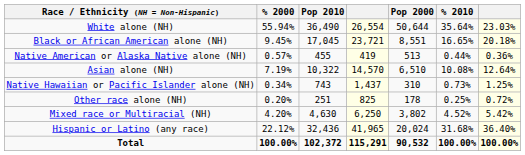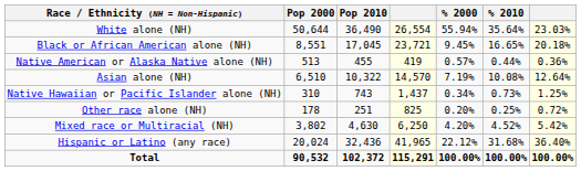 <table class="wikitable" style="text-align:center;">
 <tr>
 <th>Race / Ethnicity <small>(<em>NH = Non-Hispanic</em>)</small></th>
-<th>% 2000</th>
+<th>Pop 2000</th>
 <th>Pop 2010</th>
 <th></th>
-<th>Pop 2000</th>
+<th>% 2000</th>
 <th>% 2010</th>
 <th></th>
 </tr>
 <tr>
 <td><a href='#'>White</a> alone (NH)</td>
-<td>55.94%</td>
+<td>50,644</td>
 <td>36,490</td>
 <td style='background: #ffffe6;'>26,554</td>
-<td>50,644</td>
+<td>55.94%</td>
 <td>35.64%</td>
 <td style='background: #ffffe6;'>23.03%</td>
 </tr>
 <tr>
 <td><a href='#'>Black or African American</a> alone (NH)</td>
-<td>9.45%</td>
+<td>8,551</td>
 <td>17,045</td>
 <td style='background: #ffffe6;'>23,721</td>
-<td>8,551</td>
+<td>9.45%</td>
 <td>16.65%</td>
 <td style='background: #ffffe6;'>20.18%</td>
 </tr>
 <tr>
 <td><a href='#'>Native American</a> or <a href='#'>Alaska Native</a> alone (NH)</td>
-<td>0.57%</td>
+<td>513</td>
 <td>455</td>
 <td style='background: #ffffe6;'>419</td>
-<td>513</td>
+<td>0.57%</td>
 <td>0.44%</td>
 <td style='background: #ffffe6;'>0.36%</td>
 </tr>
 <tr>
 <td><a href='#'>Asian</a> alone (NH)</td>
-<td>7.19%</td>
+<td>6,510</td>
 <td>10,322</td>
 <td style='background: #ffffe6;'>14,570</td>
-<td>6,510</td>
+<td>7.19%</td>
 <td>10.08%</td>
 <td style='background: #ffffe6;'>12.64%</td>
 </tr>
 <tr>
 <td><a href='#'>Native Hawaiian</a> or <a href='#'>Pacific Islander</a> alone (NH)</td>
-<td>0.34%</td>
+<td>310</td>
 <td>743</td>
 <td style='background: #ffffe6;'>1,437</td>
-<td>310</td>
+<td>0.34%</td>
 <td>0.73%</td>
 <td style='background: #ffffe6;'>1.25%</td>
 </tr>
 <tr>
 <td><a href='#'>Other race</a> alone (NH)</td>
-<td>0.20%</td>
+<td>178</td>
 <td>251</td>
 <td style='background: #ffffe6;'>825</td>
-<td>178</td>
+<td>0.20%</td>
 <td>0.25%</td>
 <td style='background: #ffffe6;'>0.72%</td>
 </tr>
 <tr>
 <td><a href='#'>Mixed race or Multiracial</a> (NH)</td>
-<td>4.20%</td>
+<td>3,802</td>
 <td>4,630</td>
 <td style='background: #ffffe6;'>6,250</td>
-<td>3,802</td>
+<td>4.20%</td>
 <td>4.52%</td>
 <td style='background: #ffffe6;'>5.42%</td>
 </tr>
 <tr>
 <td><a href='#'>Hispanic or Latino</a> (any race)</td>
-<td>22.12%</td>
+<td>20,024</td>
 <td>32,436</td>
 <td style='background: #ffffe6;'>41,965</td>
-<td>20,024</td>
+<td>22.12%</td>
 <td>31.68%</td>
 <td style='background: #ffffe6;'>36.40%</td>
 </tr>
 <tr>
 <td><strong>Total</strong></td>
-<td><strong>100.00%</strong></td>
+<td><strong>90,532</strong></td>
 <td><strong>102,372</strong></td>
 <td style='background: #ffffe6;'><strong>115,291</strong></td>
-<td><strong>90,532</strong></td>
+<td><strong>100.00%</strong></td>
 <td><strong>100.00%</strong></td>
 <td style='background: #ffffe6;'><strong>100.00%</strong></td>
 </tr>
 </table>
